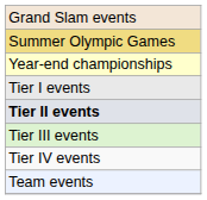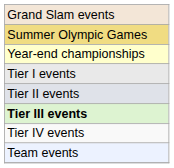 <table class=wikitable style=font-size:90%;width:15%>
 <tr bgcolor="#F3E6D7">
 <td>Grand Slam events</td>
 </tr>
 <tr style="background:#f0dc82;">
 <td>Summer Olympic Games</td>
 </tr>
 <tr bgcolor="#FFFFCC">
 <td>Year-end championships</td>
 </tr>
 <tr bgcolor="#E9E9E9">
 <td>Tier I events</td>
 </tr>
 <tr bgcolor=#dfe2e9>
-<td><strong>Tier II events</strong></td>
+<td>Tier II events</td>
 </tr>
 <tr bgcolor=#DDF3D1>
-<td>Tier III events</td>
+<td><strong>Tier III events</strong></td>
 </tr>
 <tr bgcolor=>
 <td>Tier IV events</td>
 </tr>
 <tr bgcolor="#ECF2FF">
 <td>Team events</td>
 </tr>
 <tr>
 </tr>
 </table>
